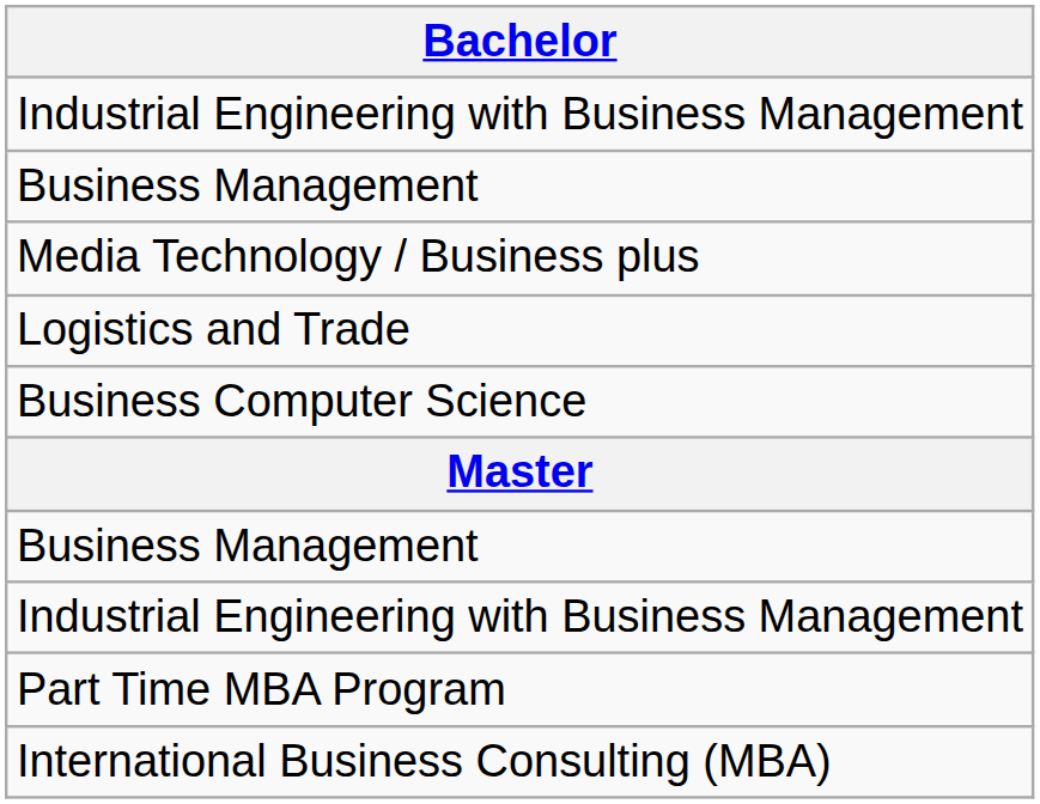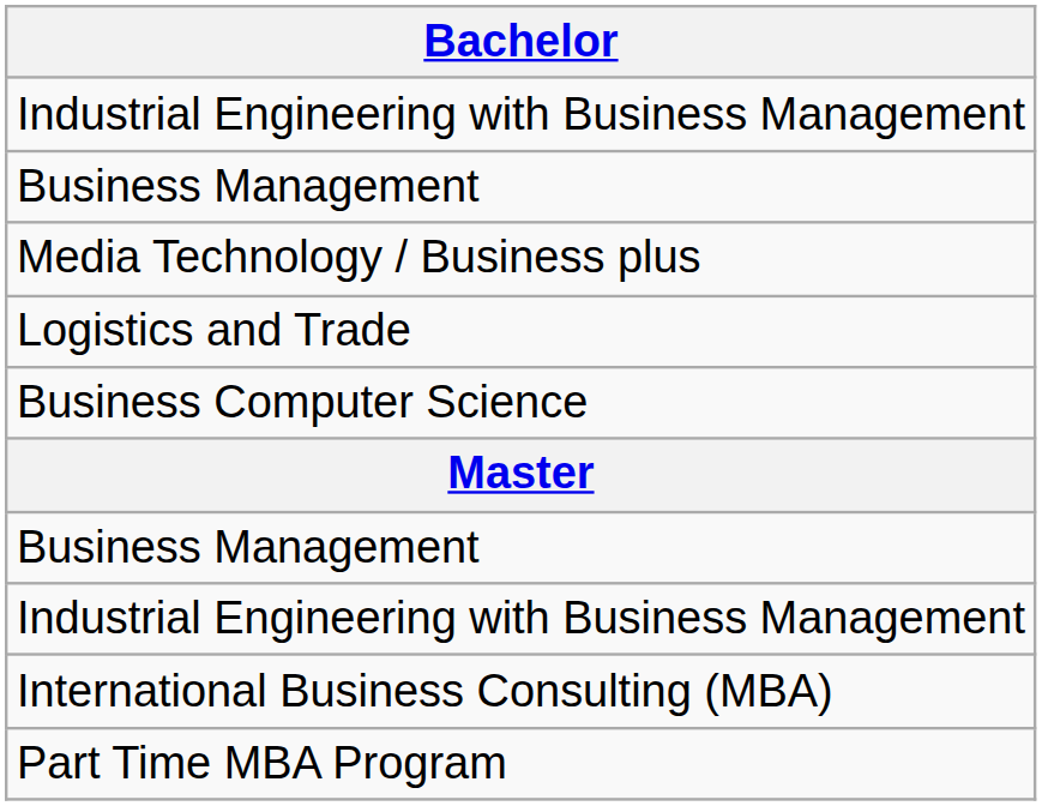 <table class="wikitable sortable">
 <tr class="backroundcolor5">
 <th><a href='#'>Bachelor</a></th>
 </tr>
 <tr>
 <td>Industrial Engineering with Business Management</td>
 </tr>
 <tr>
 <td>Business Management</td>
 </tr>
 <tr>
 <td>Media Technology / Business plus</td>
 </tr>
 <tr>
 <td>Logistics and Trade</td>
 </tr>
 <tr>
 <td>Business Computer Science</td>
 </tr>
 <tr>
 <th><a href='#'>Master</a></th>
 </tr>
 <tr>
 <td>Business Management</td>
 </tr>
 <tr>
 <td>Industrial Engineering with Business Management</td>
 </tr>
 <tr>
+<td>International Business Consulting (MBA)</td>
+</tr>
+<tr>
 <td>Part Time MBA Program</td>
 </tr>
-<tr>
-<td>International Business Consulting (MBA)</td>
-</tr>
 </table>
